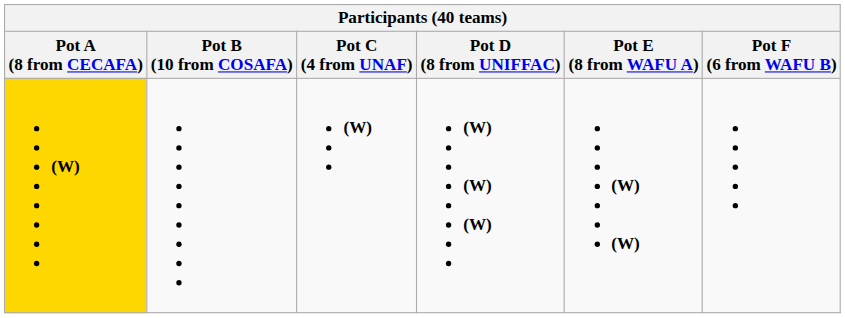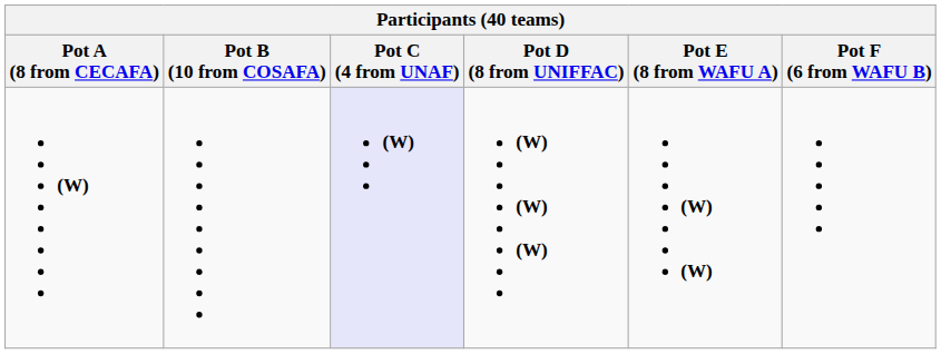 <table class="wikitable">
 <tr>
 <th colspan=6>Participants (40 teams)</th>
 </tr>
 <tr>
 <th>Pot A<br>(8 from <a href='#'>CECAFA</a>)</th>
 <th>Pot B<br>(10 from <a href='#'>COSAFA</a>)</th>
 <th>Pot C <br>(4 from <a href='#'>UNAF</a>)</th>
 <th>Pot D<br>(8 from <a href='#'>UNIFFAC</a>)</th>
 <th>Pot E<br>(8 from <a href='#'>WAFU A</a>)</th>
 <th>Pot F<br>(6 from <a href='#'>WAFU B</a>)</th>
 </tr>
 <tr>
-<td valign=top style="background: gold;"><br><ul><li></li><li></li><li> <strong>(W)</strong></li><li></li><li></li><li></li><li></li><li></li></ul></td>
+<td valign=top><br><ul><li></li><li></li><li> <strong>(W)</strong></li><li></li><li></li><li></li><li></li><li></li></ul></td>
 <td valign=top><br><ul><li></li><li></li><li></li><li></li><li></li><li></li><li></li><li></li><li></li></ul></td>
-<td valign=top><br><ul><li> <strong>(W)</strong></li><li></li><li></li></ul></td>
+<td valign=top style="background: lavender;"><br><ul><li> <strong>(W)</strong></li><li></li><li></li></ul></td>
 <td valign=top><br><ul><li> <strong>(W)</strong></li><li></li><li></li><li> <strong>(W)</strong></li><li></li><li> <strong>(W)</strong></li><li></li><li></li></ul></td>
 <td valign=top><br><ul><li></li><li></li><li></li><li> <strong>(W)</strong></li><li></li><li></li><li> <strong>(W)</strong></li></ul></td>
 <td valign=top><br><ul><li></li><li><strong></strong></li><li><strong></strong></li><li></li><li></li></ul></td>
 </tr>
 </table>
